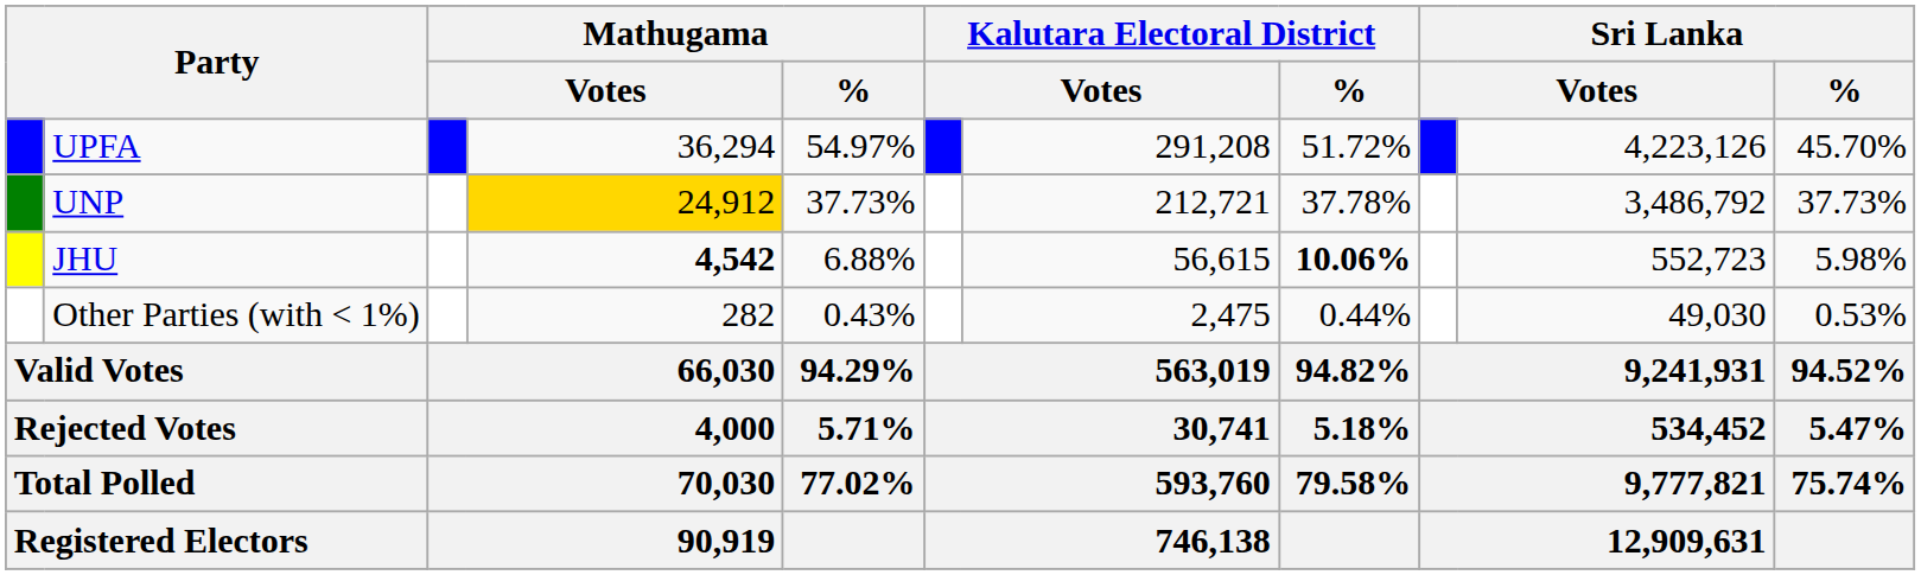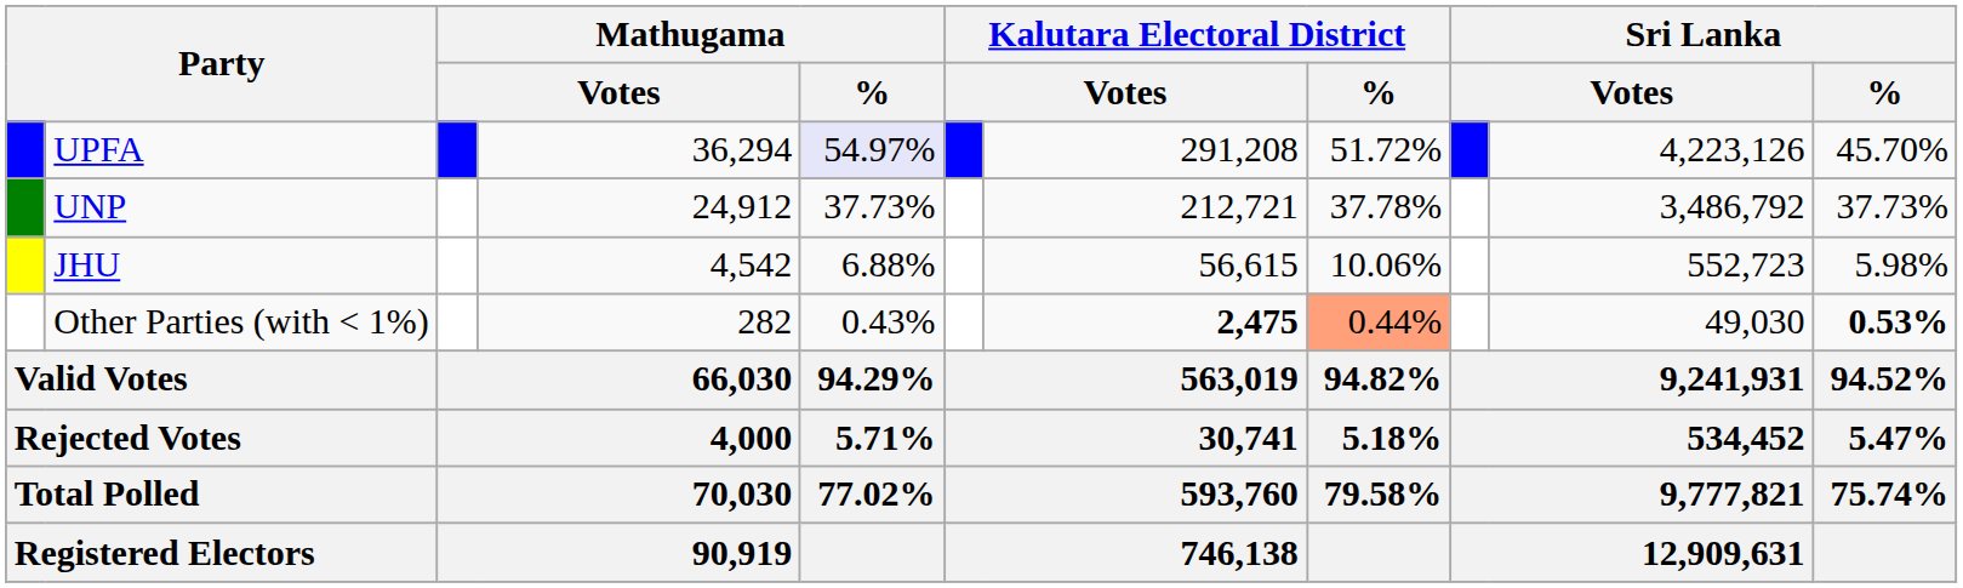 <table class="wikitable">
 <tr>
 <th colspan="2" width="144px"rowspan="2">Party</th>
 <th colspan="3" width="216px">Mathugama</th>
 <th colspan="3" width="216px"><a href='#'>Kalutara Electoral District</a></th>
 <th colspan="3" width="216px">Sri Lanka</th>
 </tr>
 <tr>
 <th colspan="2" width="144px">Votes</th>
 <th>%</th>
 <th colspan="2" width="144px">Votes</th>
 <th>%</th>
 <th colspan="2" width="144px">Votes</th>
 <th>%</th>
 </tr>
 <tr>
 <td style="background-color:blue;" width="10px"></td>
 <td style="text-align:left;"><a href='#'>UPFA</a></td>
 <td style="background-color:blue;" width="10px"></td>
 <td style="text-align:right;">36,294</td>
-<td style="text-align:right;">54.97%</td>
+<td style="background: lavender; text-align:right;">54.97%</td>
 <td style="background-color:blue;" width="10px"></td>
 <td style="text-align:right;">291,208</td>
 <td style="text-align:right;">51.72%</td>
 <td style="background-color:blue;" width="10px"></td>
 <td style="text-align:right;">4,223,126</td>
 <td style="text-align:right;">45.70%</td>
 </tr>
 <tr>
 <td style="background-color:green;" width="10px"></td>
 <td style="text-align:left;"><a href='#'>UNP</a></td>
 <td style="background-color:white;" width="10px"></td>
-<td style="background: gold; text-align:right;">24,912</td>
+<td style="text-align:right;">24,912</td>
 <td style="text-align:right;">37.73%</td>
 <td style="background-color:white;" width="10px"></td>
 <td style="text-align:right;">212,721</td>
 <td style="text-align:right;">37.78%</td>
 <td style="background-color:white;" width="10px"></td>
 <td style="text-align:right;">3,486,792</td>
 <td style="text-align:right;">37.73%</td>
 </tr>
 <tr>
 <td style="background-color:yellow;" width="10px"></td>
 <td style="text-align:left;"><a href='#'>JHU</a></td>
 <td style="background-color:white;" width="10px"></td>
-<td style="text-align:right;"><strong>4,542</strong></td>
+<td style="text-align:right;">4,542</td>
 <td style="text-align:right;">6.88%</td>
 <td style="background-color:white;" width="10px"></td>
 <td style="text-align:right;">56,615</td>
-<td style="text-align:right;"><strong>10.06%</strong></td>
+<td style="text-align:right;">10.06%</td>
 <td style="background-color:white;" width="10px"></td>
 <td style="text-align:right;">552,723</td>
 <td style="text-align:right;">5.98%</td>
 </tr>
 <tr>
 <td style="background-color:white;" width="10px"></td>
 <td style="text-align:left;">Other Parties (with < 1%)</td>
 <td style="background-color:white;" width="10px"></td>
 <td style="text-align:right;">282</td>
 <td style="text-align:right;">0.43%</td>
 <td style="background-color:white;" width="10px"></td>
-<td style="text-align:right;">2,475</td>
-<td style="text-align:right;">0.44%</td>
+<td style="text-align:right;"><strong>2,475</strong></td>
+<td style="background: lightsalmon; text-align:right;">0.44%</td>
 <td style="background-color:white;" width="10px"></td>
 <td style="text-align:right;">49,030</td>
-<td style="text-align:right;">0.53%</td>
+<td style="text-align:right;"><strong>0.53%</strong></td>
 </tr>
 <tr>
 <th colspan="2" width="144px"style="text-align:left;">Valid Votes</th>
 <th style="text-align:right;"colspan="2" width="144px">66,030</th>
 <th style="text-align:right;">94.29%</th>
 <th style="text-align:right;"colspan="2" width="144px">563,019</th>
 <th style="text-align:right;">94.82%</th>
 <th style="text-align:right;"colspan="2" width="144px">9,241,931</th>
 <th style="text-align:right;">94.52%</th>
 </tr>
 <tr>
 <th colspan="2" width="144px"style="text-align:left;">Rejected Votes</th>
 <th style="text-align:right;"colspan="2" width="144px">4,000</th>
 <th style="text-align:right;">5.71%</th>
 <th style="text-align:right;"colspan="2" width="144px">30,741</th>
 <th style="text-align:right;">5.18%</th>
 <th style="text-align:right;"colspan="2" width="144px">534,452</th>
 <th style="text-align:right;">5.47%</th>
 </tr>
 <tr>
 <th colspan="2" width="144px"style="text-align:left;">Total Polled</th>
 <th style="text-align:right;"colspan="2" width="144px">70,030</th>
 <th style="text-align:right;">77.02%</th>
 <th style="text-align:right;"colspan="2" width="144px">593,760</th>
 <th style="text-align:right;">79.58%</th>
 <th style="text-align:right;"colspan="2" width="144px">9,777,821</th>
 <th style="text-align:right;">75.74%</th>
 </tr>
 <tr>
 <th colspan="2" width="144px"style="text-align:left;">Registered Electors</th>
 <th style="text-align:right;"colspan="2" width="144px">90,919</th>
 <th></th>
 <th style="text-align:right;"colspan="2" width="144px">746,138</th>
 <th></th>
 <th style="text-align:right;"colspan="2" width="144px">12,909,631</th>
 <th></th>
 </tr>
 </table>
